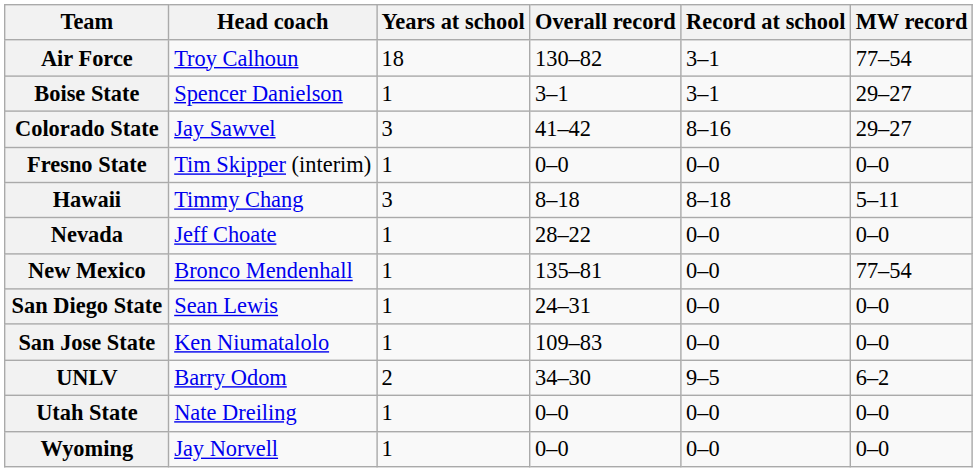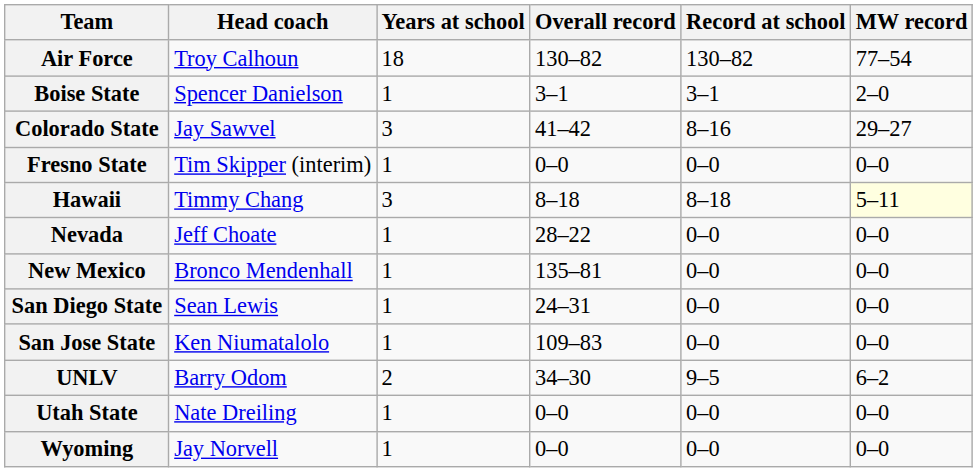 <table class="wikitable sortable" style "text-align:center">
 <tr>
 <th style="width:110px;">Team</th>
 <th>Head coach</th>
 <th>Years at school</th>
 <th>Overall record</th>
 <th>Record at school</th>
 <th>MW record</th>
 </tr>
 <tr>
 <th>Air Force</th>
 <td><a href='#'>Troy Calhoun</a></td>
 <td>18</td>
 <td>130–82</td>
-<td>3–1</td>
+<td>130–82</td>
 <td>77–54</td>
 </tr>
 <tr>
 <th>Boise State</th>
 <td><a href='#'>Spencer Danielson</a></td>
 <td>1</td>
 <td>3–1</td>
 <td>3–1</td>
-<td>29–27</td>
+<td>2–0</td>
 </tr>
 <tr>
 <th>Colorado State</th>
 <td><a href='#'>Jay Sawvel</a></td>
 <td>3</td>
 <td>41–42</td>
 <td>8–16</td>
 <td>29–27</td>
 </tr>
 <tr>
 <th>Fresno State</th>
 <td><a href='#'>Tim Skipper</a> (interim)</td>
 <td>1</td>
 <td>0–0</td>
 <td>0–0</td>
 <td>0–0</td>
 </tr>
 <tr>
 <th>Hawaii</th>
 <td><a href='#'>Timmy Chang</a></td>
 <td>3</td>
 <td>8–18</td>
 <td>8–18</td>
-<td>5–11</td>
+<td style="background: lightyellow;">5–11</td>
 </tr>
 <tr>
 <th>Nevada</th>
 <td><a href='#'>Jeff Choate</a></td>
 <td>1</td>
 <td>28–22</td>
 <td>0–0</td>
 <td>0–0</td>
 </tr>
 <tr>
 <th>New Mexico</th>
 <td><a href='#'>Bronco Mendenhall</a></td>
 <td>1</td>
 <td>135–81</td>
 <td>0–0</td>
-<td>77–54</td>
+<td>0–0</td>
 </tr>
 <tr>
 <th>San Diego State</th>
 <td><a href='#'>Sean Lewis</a></td>
 <td>1</td>
 <td>24–31</td>
 <td>0–0</td>
 <td>0–0</td>
 </tr>
 <tr>
 <th>San Jose State</th>
 <td><a href='#'>Ken Niumatalolo</a></td>
 <td>1</td>
 <td>109–83</td>
 <td>0–0</td>
 <td>0–0</td>
 </tr>
 <tr>
 <th>UNLV</th>
 <td><a href='#'>Barry Odom</a></td>
 <td>2</td>
 <td>34–30</td>
 <td>9–5</td>
 <td>6–2</td>
 </tr>
 <tr>
 <th>Utah State</th>
 <td><a href='#'>Nate Dreiling</a></td>
 <td>1</td>
 <td>0–0</td>
 <td>0–0</td>
 <td>0–0</td>
 </tr>
 <tr>
 <th>Wyoming</th>
 <td><a href='#'>Jay Norvell</a></td>
 <td>1</td>
 <td>0–0</td>
 <td>0–0</td>
 <td>0–0</td>
 </tr>
 </table>
